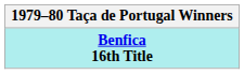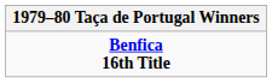 <table class="wikitable" style="text-align: center; margin: 0 auto; width: 20%">
 <tr>
 <th>1979–80 Taça de Portugal Winners</th>
 </tr>
 <tr>
-<td style="background: paleturquoise;"><strong><a href='#'>Benfica</a></strong><br><strong>16th Title</strong></td>
+<td><strong><a href='#'>Benfica</a></strong><br><strong>16th Title</strong></td>
 </tr>
 </table>
